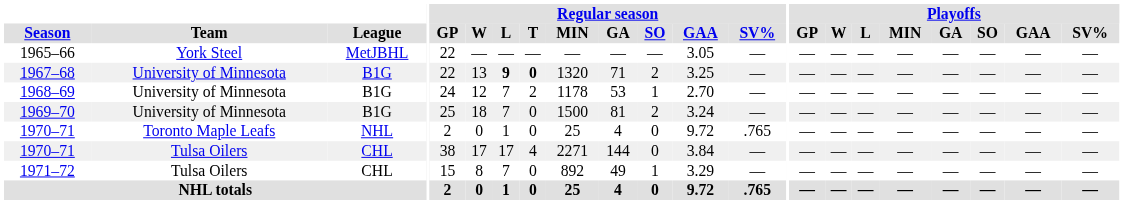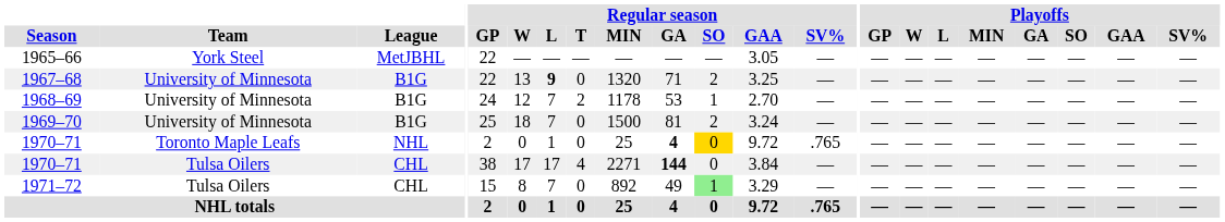 <table border="0" cellpadding="1" cellspacing="0" style="width:90%; text-align:center;">
 <tr bgcolor="#e0e0e0">
 <th colspan="3" bgcolor="#ffffff"></th>
 <th rowspan="99" bgcolor="#ffffff"></th>
 <th colspan="9" bgcolor="#e0e0e0"><a href='#'>Regular season</a></th>
 <th rowspan="99" bgcolor="#ffffff"></th>
 <th colspan="8" bgcolor="#e0e0e0"><a href='#'>Playoffs</a></th>
 </tr>
 <tr bgcolor="#e0e0e0">
 <th><a href='#'>Season</a></th>
 <th>Team</th>
 <th>League</th>
 <th>GP</th>
 <th>W</th>
 <th>L</th>
 <th>T</th>
 <th>MIN</th>
 <th>GA</th>
 <th><a href='#'>SO</a></th>
 <th><a href='#'>GAA</a></th>
 <th><a href='#'>SV%</a></th>
 <th>GP</th>
 <th>W</th>
 <th>L</th>
 <th>MIN</th>
 <th>GA</th>
 <th>SO</th>
 <th>GAA</th>
 <th>SV%</th>
 </tr>
 <tr>
 <td>1965–66</td>
 <td><a href='#'>York Steel</a></td>
 <td><a href='#'>MetJBHL</a></td>
 <td>22</td>
 <td>—</td>
 <td>—</td>
 <td>—</td>
 <td>—</td>
 <td>—</td>
 <td>—</td>
 <td>3.05</td>
 <td>—</td>
 <td>—</td>
 <td>—</td>
 <td>—</td>
 <td>—</td>
 <td>—</td>
 <td>—</td>
 <td>—</td>
 <td>—</td>
 </tr>
 <tr bgcolor="#f0f0f0">
 <td><a href='#'>1967–68</a></td>
 <td><a href='#'>University of Minnesota</a></td>
 <td><a href='#'>B1G</a></td>
 <td>22</td>
 <td>13</td>
 <td><strong>9</strong></td>
-<td><strong>0</strong></td>
+<td>0</td>
 <td>1320</td>
 <td>71</td>
 <td>2</td>
 <td>3.25</td>
 <td>—</td>
 <td>—</td>
 <td>—</td>
 <td>—</td>
 <td>—</td>
 <td>—</td>
 <td>—</td>
 <td>—</td>
 <td>—</td>
 </tr>
 <tr>
 <td><a href='#'>1968–69</a></td>
 <td>University of Minnesota</td>
 <td>B1G</td>
 <td>24</td>
 <td>12</td>
 <td>7</td>
 <td>2</td>
 <td>1178</td>
 <td>53</td>
 <td>1</td>
 <td>2.70</td>
 <td>—</td>
 <td>—</td>
 <td>—</td>
 <td>—</td>
 <td>—</td>
 <td>—</td>
 <td>—</td>
 <td>—</td>
 <td>—</td>
 </tr>
 <tr bgcolor="#f0f0f0">
 <td><a href='#'>1969–70</a></td>
 <td>University of Minnesota</td>
 <td>B1G</td>
 <td>25</td>
 <td>18</td>
 <td>7</td>
 <td>0</td>
 <td>1500</td>
 <td>81</td>
 <td>2</td>
 <td>3.24</td>
 <td>—</td>
 <td>—</td>
 <td>—</td>
 <td>—</td>
 <td>—</td>
 <td>—</td>
 <td>—</td>
 <td>—</td>
 <td>—</td>
 </tr>
 <tr>
 <td><a href='#'>1970–71</a></td>
 <td><a href='#'>Toronto Maple Leafs</a></td>
 <td><a href='#'>NHL</a></td>
 <td>2</td>
 <td>0</td>
 <td>1</td>
 <td>0</td>
 <td>25</td>
-<td>4</td>
-<td>0</td>
+<td><strong>4</strong></td>
+<td style="background: gold;">0</td>
 <td>9.72</td>
 <td>.765</td>
 <td>—</td>
 <td>—</td>
 <td>—</td>
 <td>—</td>
 <td>—</td>
 <td>—</td>
 <td>—</td>
 <td>—</td>
 </tr>
 <tr bgcolor="#f0f0f0">
 <td><a href='#'>1970–71</a></td>
 <td><a href='#'>Tulsa Oilers</a></td>
 <td><a href='#'>CHL</a></td>
 <td>38</td>
 <td>17</td>
 <td>17</td>
 <td>4</td>
 <td>2271</td>
-<td>144</td>
+<td><strong>144</strong></td>
 <td>0</td>
 <td>3.84</td>
 <td>—</td>
 <td>—</td>
 <td>—</td>
 <td>—</td>
 <td>—</td>
 <td>—</td>
 <td>—</td>
 <td>—</td>
 <td>—</td>
 </tr>
 <tr>
 <td><a href='#'>1971–72</a></td>
 <td>Tulsa Oilers</td>
 <td>CHL</td>
 <td>15</td>
 <td>8</td>
 <td>7</td>
 <td>0</td>
 <td>892</td>
 <td>49</td>
-<td>1</td>
+<td style="background: lightgreen;">1</td>
 <td>3.29</td>
 <td>—</td>
 <td>—</td>
 <td>—</td>
 <td>—</td>
 <td>—</td>
 <td>—</td>
 <td>—</td>
 <td>—</td>
 <td>—</td>
 </tr>
 <tr bgcolor="#e0e0e0">
 <th colspan=3>NHL totals</th>
 <th>2</th>
 <th>0</th>
 <th>1</th>
 <th>0</th>
 <th>25</th>
 <th>4</th>
 <th>0</th>
 <th>9.72</th>
 <th>.765</th>
 <th>—</th>
 <th>—</th>
 <th>—</th>
 <th>—</th>
 <th>—</th>
 <th>—</th>
 <th>—</th>
 <th>—</th>
 </tr>
 </table>
